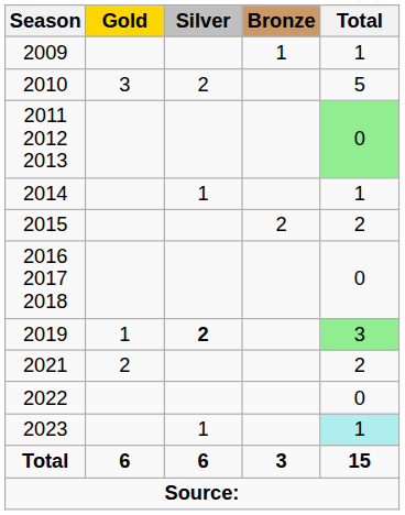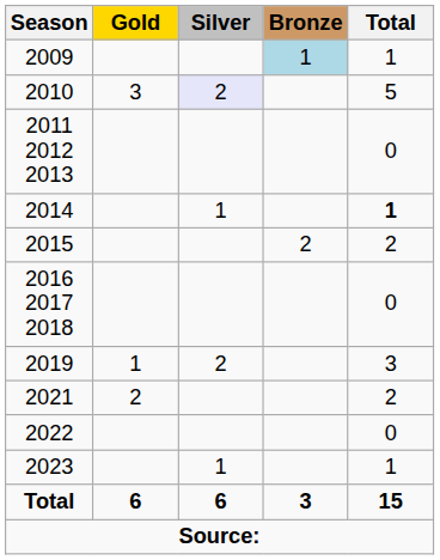 <table class="wikitable" style="text-align:center;">
 <tr>
 <th width = "55">Season</th>
 <th width = "55" style="background: gold;">Gold</th>
 <th width = "55" style="background: silver;">Silver</th>
 <th width = "55" style="background: #cc9966;">Bronze</th>
 <th width = "55">Total</th>
 </tr>
 <tr>
 <td>2009</td>
 <td></td>
 <td></td>
-<td>1</td>
+<td style="background: lightblue;">1</td>
 <td>1</td>
 </tr>
 <tr>
 <td>2010</td>
 <td>3</td>
-<td>2</td>
+<td style="background: lavender;">2</td>
 <td></td>
 <td>5</td>
 </tr>
 <tr>
 <td>2011<br> 2012<br> 2013</td>
 <td></td>
 <td></td>
 <td></td>
-<td style="background: lightgreen;">0</td>
+<td>0</td>
 </tr>
 <tr>
 <td>2014</td>
 <td></td>
 <td>1</td>
 <td></td>
-<td>1</td>
+<td><strong>1</strong></td>
 </tr>
 <tr>
 <td>2015</td>
 <td></td>
 <td></td>
 <td>2</td>
 <td>2</td>
 </tr>
 <tr>
 <td>2016<br> 2017<br> 2018</td>
 <td></td>
 <td></td>
 <td></td>
 <td>0</td>
 </tr>
 <tr>
 <td>2019</td>
 <td>1</td>
-<td><strong>2</strong></td>
+<td>2</td>
 <td></td>
-<td style="background: lightgreen;">3</td>
+<td>3</td>
 </tr>
 <tr>
 <td>2021</td>
 <td>2</td>
 <td></td>
 <td></td>
 <td>2</td>
 </tr>
 <tr>
 <td>2022</td>
 <td></td>
 <td></td>
 <td></td>
 <td>0</td>
 </tr>
 <tr>
 <td>2023</td>
 <td></td>
 <td>1</td>
 <td></td>
-<td style="background: paleturquoise;">1</td>
+<td>1</td>
 </tr>
 <tr>
 <td><strong>Total</strong></td>
 <td><strong>6</strong></td>
 <td><strong>6</strong></td>
 <td><strong>3</strong></td>
 <td><strong>15</strong></td>
 </tr>
 <tr>
 <td colspan="5" style="text-align: center;"><strong>Source:</strong></td>
 </tr>
 </table>
